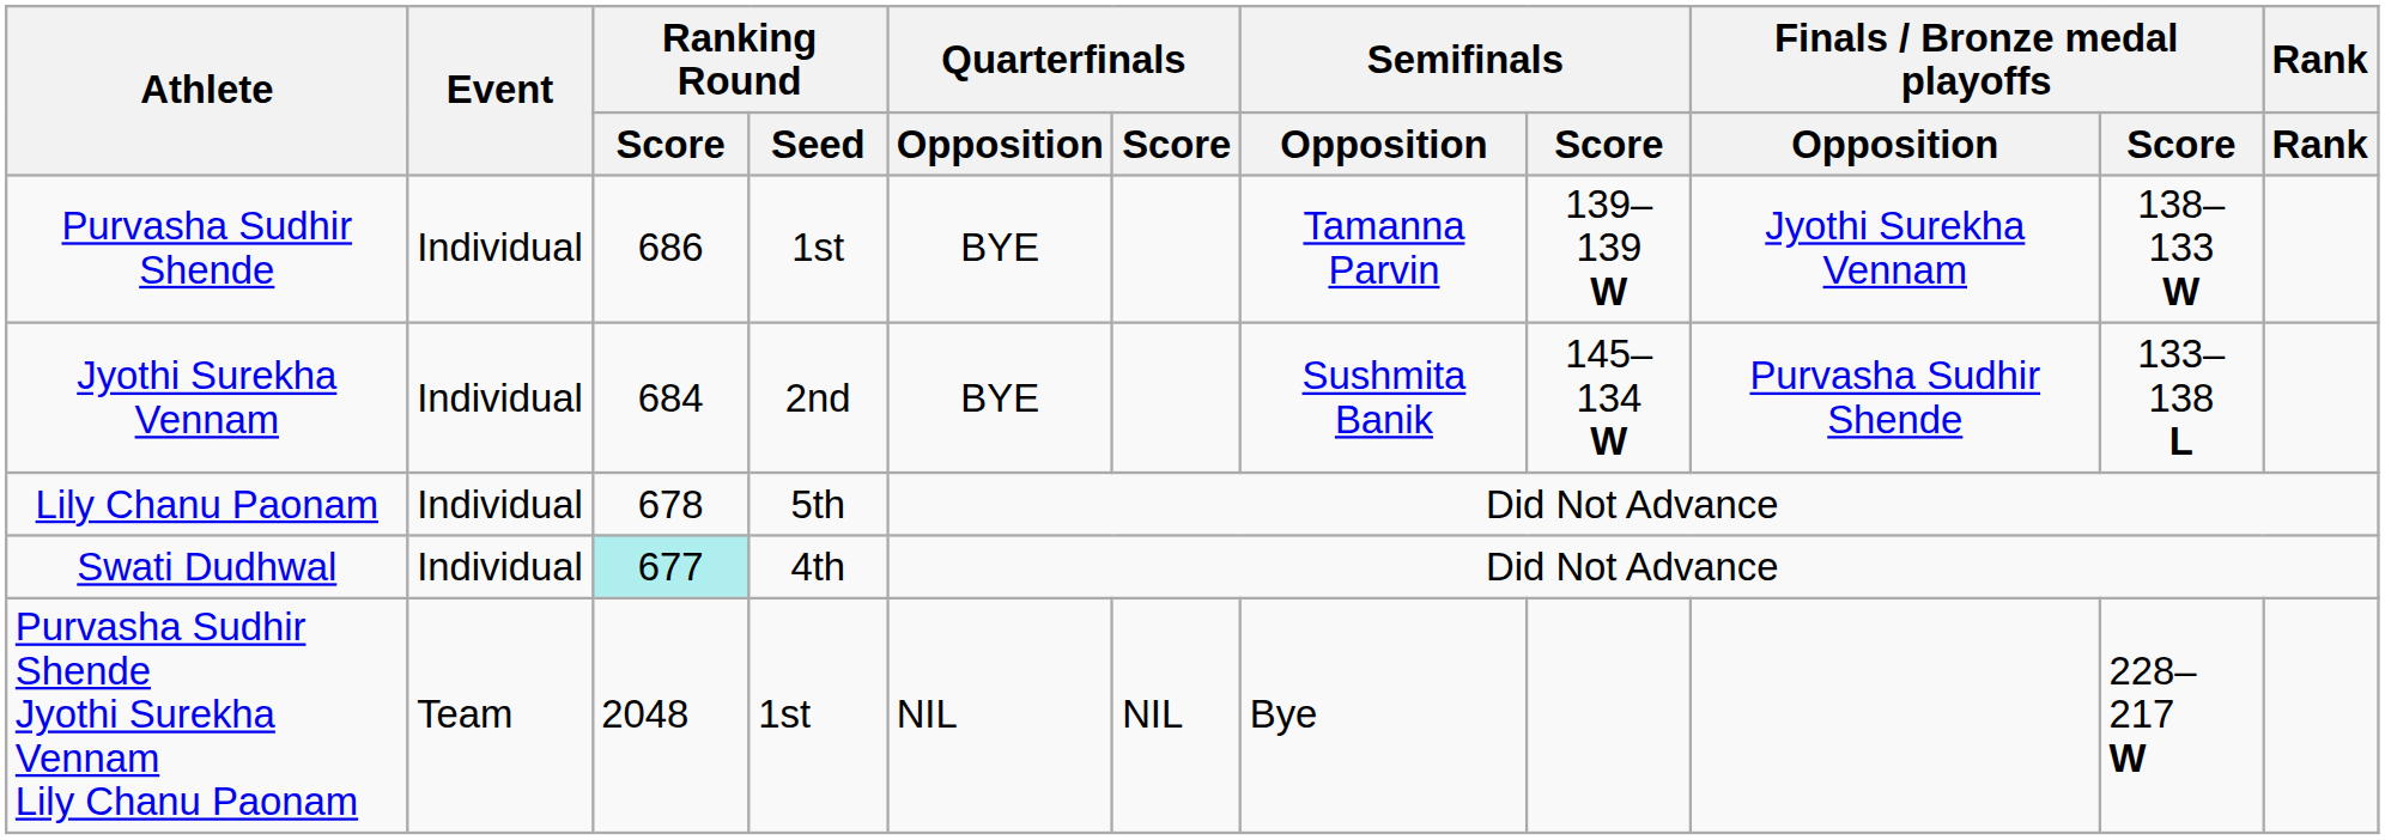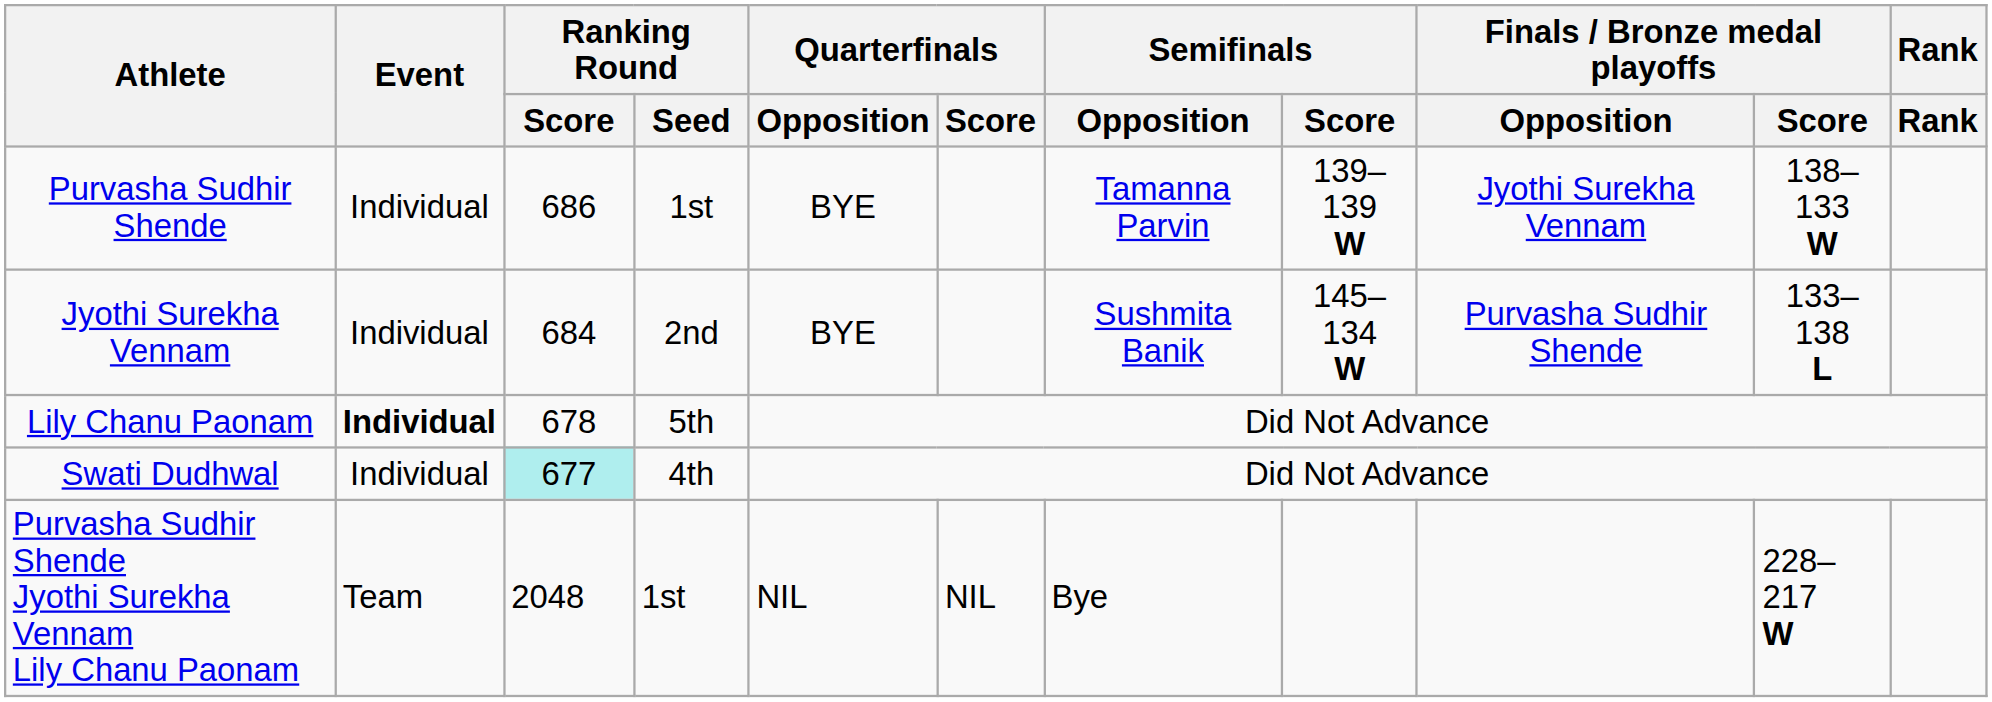 <table class=wikitable style="font-size:90%" style="text-align:center;">
 <tr>
 <th rowspan=2>Athlete</th>
 <th rowspan=2>Event</th>
 <th colspan=2>Ranking Round</th>
 <th colspan="2">Quarterfinals</th>
 <th colspan="2">Semifinals</th>
 <th colspan="2">Finals / Bronze medal playoffs</th>
 <th>Rank</th>
 </tr>
 <tr>
 <th>Score</th>
 <th>Seed</th>
 <th>Opposition</th>
 <th>Score</th>
 <th>Opposition</th>
 <th>Score</th>
 <th>Opposition</th>
 <th>Score</th>
 <th>Rank</th>
 </tr>
 <tr align=center>
 <td><a href='#'>Purvasha Sudhir Shende</a></td>
 <td>Individual</td>
 <td>686</td>
 <td>1st</td>
 <td>BYE</td>
 <td></td>
 <td><a href='#'>Tamanna Parvin</a><br></td>
 <td>139–139<br><strong>W</strong></td>
 <td><a href='#'>Jyothi Surekha Vennam</a><br></td>
 <td>138–133<br><strong>W</strong></td>
 <td></td>
 </tr>
 <tr align=center>
 <td><a href='#'>Jyothi Surekha Vennam</a></td>
 <td>Individual</td>
 <td>684</td>
 <td>2nd</td>
 <td>BYE</td>
 <td></td>
 <td><a href='#'>Sushmita Banik</a><br></td>
 <td>145–134<br><strong>W</strong></td>
 <td><a href='#'>Purvasha Sudhir Shende</a><br></td>
 <td>133–138<br><strong>L</strong></td>
 <td></td>
 </tr>
 <tr align=center>
 <td><a href='#'>Lily Chanu Paonam</a></td>
-<td>Individual</td>
+<td><strong>Individual</strong></td>
 <td>678</td>
 <td>5th</td>
 <td colspan="7">Did Not Advance</td>
 </tr>
 <tr align=center>
 <td><a href='#'>Swati Dudhwal</a></td>
 <td>Individual</td>
 <td style="background: paleturquoise;">677</td>
 <td>4th</td>
 <td colspan="7">Did Not Advance</td>
 </tr>
 <tr>
 <td><a href='#'>Purvasha Sudhir Shende</a><br><a href='#'>Jyothi Surekha Vennam</a><br><a href='#'>Lily Chanu Paonam</a></td>
 <td>Team</td>
 <td>2048</td>
 <td>1st</td>
 <td>NIL</td>
 <td>NIL</td>
 <td>Bye</td>
 <td></td>
 <td></td>
 <td>228–217<br><strong>W</strong></td>
 <td></td>
 </tr>
 </table>
